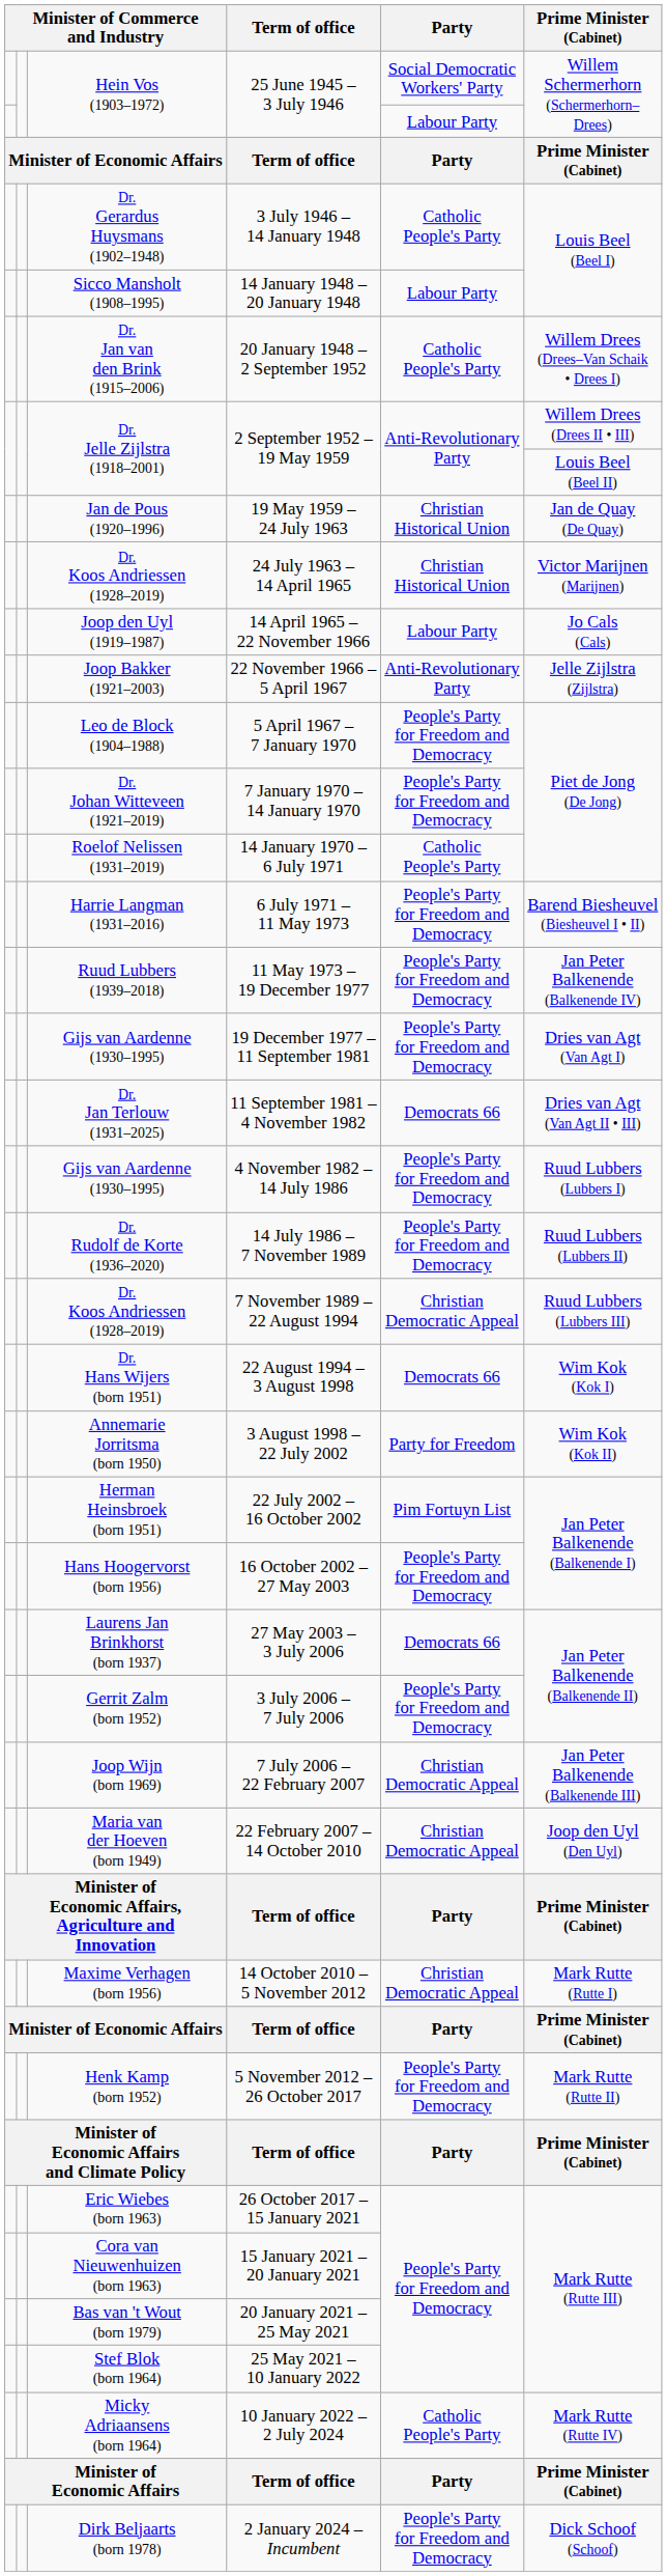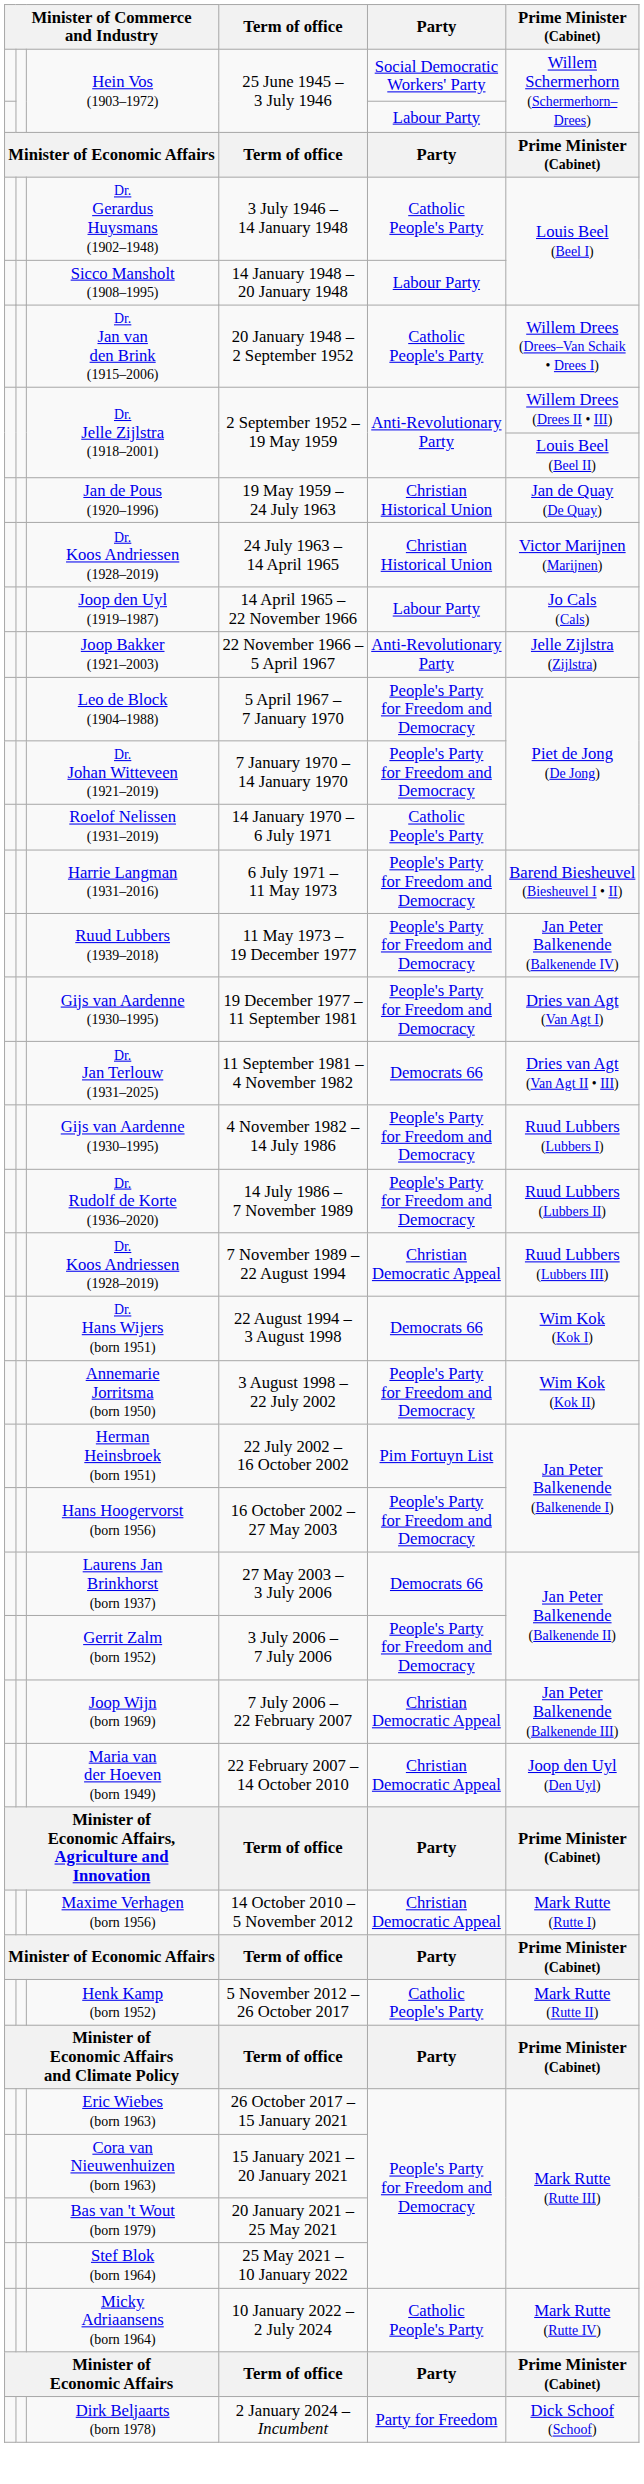 <table class="wikitable" style="text-align:center">
 <tr>
 <th colspan=3>Minister of Commerce <br> and Industry</th>
 <th>Term of office</th>
 <th>Party</th>
 <th>Prime Minister <br> <small>(Cabinet)</small></th>
 </tr>
 <tr>
 <td style="background:"></td>
 <td rowspan=2></td>
 <td rowspan=2><a href='#'>Hein Vos</a> <br> <small>(1903–1972)</small></td>
 <td rowspan=2>25 June 1945 – <br> 3 July 1946</td>
 <td><a href='#'>Social Democratic <br> Workers' Party</a></td>
 <td rowspan=2><a href='#'>Willem <br> Schermerhorn</a> <br> <small>(<a href='#'>Schermerhorn–<br>Drees</a>)</small> </td>
 </tr>
 <tr>
 <td style="background:"></td>
 <td><a href='#'>Labour Party</a></td>
 </tr>
 <tr>
 <th colspan=3>Minister of Economic Affairs</th>
 <th>Term of office</th>
 <th>Party</th>
 <th>Prime Minister <br> <small>(Cabinet)</small></th>
 </tr>
 <tr>
 <td style="background:"></td>
 <td></td>
 <td><small><a href='#'>Dr.</a></small> <br> <a href='#'>Gerardus <br> Huysmans</a> <br> <small>(1902–1948)</small></td>
 <td>3 July 1946 – <br> 14 January 1948 <br> </td>
 <td><a href='#'>Catholic <br> People's Party</a></td>
 <td rowspan=3><a href='#'>Louis Beel</a> <br> <small>(<a href='#'>Beel I</a>)</small> <br></td>
 </tr>
 <tr>
 <td style="background:"></td>
 <td></td>
 <td><a href='#'>Sicco Mansholt</a> <br> <small>(1908–1995)</small></td>
 <td>14 January 1948 – <br> 20 January 1948 <br>  </td>
 <td><a href='#'>Labour Party</a></td>
 </tr>
 <tr>
 <td rowspan=2 style="background:"></td>
 <td rowspan=2></td>
 <td rowspan=2><small><a href='#'>Dr.</a></small> <br> <a href='#'>Jan van <br> den Brink</a> <br> <small>(1915–2006)</small></td>
 <td rowspan=2>20 January 1948 – <br> 2 September 1952</td>
 <td rowspan=2><a href='#'>Catholic <br> People's Party</a></td>
 </tr>
 <tr>
 <td><a href='#'>Willem Drees</a> <br> <small>(<a href='#'>Drees–Van Schaik</a> <br> • <a href='#'>Drees I</a>)</small> <br></td>
 </tr>
 <tr>
 <td rowspan=2 style="background:"></td>
 <td rowspan=2></td>
 <td rowspan=2><small><a href='#'>Dr.</a></small> <br> <a href='#'>Jelle Zijlstra</a> <br> <small>(1918–2001)</small></td>
 <td rowspan=2>2 September 1952 – <br> 19 May 1959 <br> </td>
 <td rowspan=2><a href='#'>Anti-Revolutionary <br> Party</a></td>
 <td><a href='#'>Willem Drees</a> <br> <small>(<a href='#'>Drees II</a> • <a href='#'>III</a>)</small> <br></td>
 </tr>
 <tr>
 <td><a href='#'>Louis Beel</a> <br> <small>(<a href='#'>Beel II</a>)</small> <br></td>
 </tr>
 <tr>
 <td style="background:"></td>
 <td></td>
 <td><a href='#'>Jan de Pous</a> <br> <small>(1920–1996)</small></td>
 <td>19 May 1959 – <br> 24 July 1963</td>
 <td><a href='#'>Christian <br> Historical Union</a></td>
 <td><a href='#'>Jan de Quay</a> <br> <small>(<a href='#'>De Quay</a>)</small> <br></td>
 </tr>
 <tr>
 <td style="background:"></td>
 <td></td>
 <td><small><a href='#'>Dr.</a></small> <br> <a href='#'>Koos Andriessen</a> <br> <small>(1928–2019)</small></td>
 <td>24 July 1963 – <br> 14 April 1965</td>
 <td><a href='#'>Christian <br> Historical Union</a></td>
 <td><a href='#'>Victor Marijnen</a> <br> <small>(<a href='#'>Marijnen</a>)</small> <br></td>
 </tr>
 <tr>
 <td style="background:"></td>
 <td></td>
 <td><a href='#'>Joop den Uyl</a> <br> <small>(1919–1987)</small></td>
 <td>14 April 1965 – <br> 22 November 1966</td>
 <td><a href='#'>Labour Party</a></td>
 <td><a href='#'>Jo Cals</a> <br> <small>(<a href='#'>Cals</a>)</small> <br></td>
 </tr>
 <tr>
 <td style="background:"></td>
 <td></td>
 <td><a href='#'>Joop Bakker</a> <br> <small>(1921–2003)</small></td>
 <td>22 November 1966 – <br> 5 April 1967</td>
 <td><a href='#'>Anti-Revolutionary <br> Party</a></td>
 <td><a href='#'>Jelle Zijlstra</a> <br> <small>(<a href='#'>Zijlstra</a>)</small> <br></td>
 </tr>
 <tr>
 <td style="background:"></td>
 <td></td>
 <td><a href='#'>Leo de Block</a> <br> <small>(1904–1988)</small></td>
 <td>5 April 1967 – <br> 7 January 1970 <br> </td>
 <td><a href='#'>People's Party <br> for Freedom and <br> Democracy</a></td>
 <td rowspan=3><a href='#'>Piet de Jong</a> <br> <small>(<a href='#'>De Jong</a>)</small> <br></td>
 </tr>
 <tr>
 <td style="background:"></td>
 <td></td>
 <td><small><a href='#'>Dr.</a></small> <br> <a href='#'>Johan Witteveen</a> <br> <small>(1921–2019)</small> <br> <small></small></td>
 <td>7 January 1970 – <br> 14 January 1970 <br>  </td>
 <td><a href='#'>People's Party <br> for Freedom and <br> Democracy</a></td>
 </tr>
 <tr>
 <td style="background:"></td>
 <td></td>
 <td><a href='#'>Roelof Nelissen</a> <br> <small>(1931–2019)</small></td>
 <td>14 January 1970 – <br> 6 July 1971</td>
 <td><a href='#'>Catholic <br> People's Party</a></td>
 </tr>
 <tr>
 <td style="background:"></td>
 <td></td>
 <td><a href='#'>Harrie Langman</a> <br> <small>(1931–2016)</small></td>
 <td>6 July 1971 – <br> 11 May 1973</td>
 <td><a href='#'>People's Party <br> for Freedom and <br> Democracy</a></td>
 <td><a href='#'>Barend Biesheuvel</a> <br> <small>(<a href='#'>Biesheuvel I</a> • <a href='#'>II</a>)</small> <br></td>
 </tr>
 <tr>
 <td style="background:"></td>
 <td></td>
 <td><a href='#'>Ruud Lubbers</a> <br> <small>(1939–2018)</small></td>
 <td>11 May 1973 – <br> 19 December 1977</td>
 <td><a href='#'>People's Party <br> for Freedom and <br> Democracy</a></td>
 <td><a href='#'>Jan Peter <br> Balkenende</a> <br> <small>(<a href='#'>Balkenende IV</a>)</small> <br></td>
 </tr>
 <tr>
 <td style="background:"></td>
 <td></td>
 <td><a href='#'>Gijs van Aardenne</a> <br> <small>(1930–1995)</small></td>
 <td>19 December 1977 – <br> 11 September 1981</td>
 <td><a href='#'>People's Party <br> for Freedom and <br> Democracy</a></td>
 <td><a href='#'>Dries van Agt</a> <br> <small>(<a href='#'>Van Agt I</a>)</small> <br></td>
 </tr>
 <tr>
 <td style="background:"></td>
 <td></td>
 <td><small><a href='#'>Dr.</a></small> <br> <a href='#'>Jan Terlouw</a> <br> <small>(1931–2025)</small> <br> <small></small></td>
 <td>11 September 1981 – <br> 4 November 1982</td>
 <td><a href='#'>Democrats 66</a></td>
 <td><a href='#'>Dries van Agt</a> <br> <small>(<a href='#'>Van Agt II</a> • <a href='#'>III</a>)</small> <br></td>
 </tr>
 <tr>
 <td style="background:"></td>
 <td></td>
 <td><a href='#'>Gijs van Aardenne</a> <br> <small>(1930–1995)</small> <br> <small></small></td>
 <td>4 November 1982 – <br> 14 July 1986</td>
 <td><a href='#'>People's Party <br> for Freedom and <br> Democracy</a></td>
 <td><a href='#'>Ruud Lubbers</a> <br> <small>(<a href='#'>Lubbers I</a>)</small> <br></td>
 </tr>
 <tr>
 <td style="background:"></td>
 <td></td>
 <td><small><a href='#'>Dr.</a></small> <br> <a href='#'>Rudolf de Korte</a> <br> <small>(1936–2020)</small> <br> <small></small></td>
 <td>14 July 1986 – <br> 7 November 1989</td>
 <td><a href='#'>People's Party <br> for Freedom and <br> Democracy</a></td>
 <td><a href='#'>Ruud Lubbers</a> <br> <small>(<a href='#'>Lubbers II</a>)</small> <br></td>
 </tr>
 <tr>
 <td style="background:"></td>
 <td></td>
 <td><small><a href='#'>Dr.</a></small> <br> <a href='#'>Koos Andriessen</a> <br> <small>(1928–2019)</small></td>
 <td>7 November 1989 – <br> 22 August 1994</td>
 <td><a href='#'>Christian <br> Democratic Appeal</a></td>
 <td><a href='#'>Ruud Lubbers</a> <br> <small>(<a href='#'>Lubbers III</a>)</small> <br></td>
 </tr>
 <tr>
 <td style="background:"></td>
 <td></td>
 <td><small><a href='#'>Dr.</a></small> <br> <a href='#'>Hans Wijers</a> <br> <small>(born 1951)</small></td>
 <td>22 August 1994 – <br> 3 August 1998</td>
 <td><a href='#'>Democrats 66</a></td>
 <td><a href='#'>Wim Kok</a> <br> <small>(<a href='#'>Kok I</a>)</small> <br></td>
 </tr>
 <tr>
 <td style="background:"></td>
 <td></td>
 <td><a href='#'>Annemarie <br> Jorritsma</a> <br> <small>(born 1950)</small> <br> <small></small></td>
 <td>3 August 1998 – <br> 22 July 2002</td>
-<td><a href='#'>Party for Freedom</a></td>
+<td><a href='#'>People's Party <br> for Freedom and <br> Democracy</a></td>
 <td><a href='#'>Wim Kok</a> <br> <small>(<a href='#'>Kok II</a>)</small> <br></td>
 </tr>
 <tr>
 <td style="background:"></td>
 <td></td>
 <td><a href='#'>Herman <br> Heinsbroek</a> <br> <small>(born 1951)</small></td>
 <td>22 July 2002 – <br> 16 October 2002 <br> </td>
 <td><a href='#'>Pim Fortuyn List</a></td>
 <td rowspan=2><a href='#'>Jan Peter <br> Balkenende</a> <br> <small>(<a href='#'>Balkenende I</a>)</small> <br></td>
 </tr>
 <tr>
 <td style="background:"></td>
 <td></td>
 <td><a href='#'>Hans Hoogervorst</a> <br> <small>(born 1956)</small></td>
 <td>16 October 2002 – <br> 27 May 2003 <br>  </td>
 <td><a href='#'>People's Party <br> for Freedom and <br> Democracy</a></td>
 </tr>
 <tr>
 <td style="background:"></td>
 <td></td>
 <td><a href='#'>Laurens Jan <br> Brinkhorst</a> <br> <small>(born 1937)</small> <br> <small></small></td>
 <td>27 May 2003 – <br> 3 July 2006 <br> </td>
 <td><a href='#'>Democrats 66</a></td>
 <td rowspan=2><a href='#'>Jan Peter <br> Balkenende</a> <br> <small>(<a href='#'>Balkenende II</a>)</small> <br></td>
 </tr>
 <tr>
 <td style="background:"></td>
 <td></td>
 <td><a href='#'>Gerrit Zalm</a> <br> <small>(born 1952)</small> <br> <small></small></td>
 <td>3 July 2006 – <br> 7 July 2006 <br>  </td>
 <td><a href='#'>People's Party <br> for Freedom and <br> Democracy</a></td>
 </tr>
 <tr>
 <td style="background:"></td>
 <td></td>
 <td><a href='#'>Joop Wijn</a> <br> <small>(born 1969)</small></td>
 <td>7 July 2006 – <br> 22 February 2007</td>
 <td><a href='#'>Christian <br> Democratic Appeal</a></td>
 <td><a href='#'>Jan Peter <br> Balkenende</a> <br> <small>(<a href='#'>Balkenende III</a>)</small> <br></td>
 </tr>
 <tr>
 <td style="background:"></td>
 <td></td>
 <td><a href='#'>Maria van <br> der Hoeven</a> <br> <small>(born 1949)</small></td>
 <td>22 February 2007 – <br> 14 October 2010</td>
 <td><a href='#'>Christian <br> Democratic Appeal</a></td>
 <td><a href='#'>Joop den Uyl</a> <br> <small>(<a href='#'>Den Uyl</a>)</small> <br></td>
 </tr>
 <tr>
 <th colspan=3>Minister of <br> Economic Affairs, <br> <a href='#'>Agriculture and <br> Innovation</a></th>
 <th>Term of office</th>
 <th>Party</th>
 <th>Prime Minister <br> <small>(Cabinet)</small></th>
 </tr>
 <tr>
 <td style="background:"></td>
 <td></td>
 <td><a href='#'>Maxime Verhagen</a> <br> <small>(born 1956)</small> <br> <small></small></td>
 <td>14 October 2010 – <br> 5 November 2012</td>
 <td><a href='#'>Christian <br> Democratic Appeal</a></td>
 <td><a href='#'>Mark Rutte</a> <br> <small>(<a href='#'>Rutte I</a>)</small> <br></td>
 </tr>
 <tr>
 <th colspan=3>Minister of Economic Affairs</th>
 <th>Term of office</th>
 <th>Party</th>
 <th>Prime Minister <br> <small>(Cabinet)</small></th>
 </tr>
 <tr>
 <td style="background:"></td>
 <td></td>
 <td><a href='#'>Henk Kamp</a> <br> <small>(born 1952)</small></td>
 <td>5 November 2012 – <br> 26 October 2017</td>
-<td><a href='#'>People's Party <br> for Freedom and <br> Democracy</a></td>
+<td><a href='#'>Catholic <br> People's Party</a></td>
 <td><a href='#'>Mark Rutte</a> <br> <small>(<a href='#'>Rutte II</a>)</small> <br></td>
 </tr>
 <tr>
 <th colspan=3>Minister of <br> Economic Affairs <br> and Climate Policy</th>
 <th>Term of office</th>
 <th>Party</th>
 <th>Prime Minister <br> <small>(Cabinet)</small></th>
 </tr>
 <tr>
 <td style="background:"></td>
 <td></td>
 <td><a href='#'>Eric Wiebes</a> <br> <small>(born 1963)</small></td>
 <td>26 October 2017 – <br> 15 January 2021 <br> </td>
 <td rowspan=4><a href='#'>People's Party <br> for Freedom and <br> Democracy</a></td>
 <td rowspan=4><a href='#'>Mark Rutte</a> <br> <small>(<a href='#'>Rutte III</a>)</small> <br></td>
 </tr>
 <tr>
 <td style="background:"></td>
 <td></td>
 <td><a href='#'>Cora van <br> Nieuwenhuizen</a> <br> <small>(born 1963)</small></td>
 <td>15 January 2021 – <br> 20 January 2021 <br>  </td>
 </tr>
 <tr>
 <td style="background:"></td>
 <td></td>
 <td><a href='#'>Bas van 't Wout</a> <br> <small>(born 1979)</small></td>
 <td>20 January 2021 – <br> 25 May 2021 <br>  </td>
 </tr>
 <tr>
 <td style="background:"></td>
 <td></td>
 <td><a href='#'>Stef Blok</a> <br> <small>(born 1964)</small></td>
 <td>25 May 2021 – <br> 10 January 2022 <br> </td>
 </tr>
 <tr>
 <td style="background:"></td>
 <td></td>
 <td><a href='#'>Micky <br> Adriaansens</a> <br> <small>(born 1964)</small></td>
 <td>10 January 2022 – <br> 2 July 2024</td>
 <td><a href='#'>Catholic <br> People's Party</a></td>
 <td><a href='#'>Mark Rutte</a> <br> <small>(<a href='#'>Rutte IV</a>)</small> <br></td>
 </tr>
 <tr>
 <th colspan=3>Minister of <br> Economic Affairs</th>
 <th>Term of office</th>
 <th>Party</th>
 <th>Prime Minister <br> <small>(Cabinet)</small></th>
 </tr>
 <tr>
 <td style="background:"></td>
 <td></td>
 <td><a href='#'>Dirk Beljaarts</a> <br> <small>(born 1978)</small></td>
 <td>2 January 2024 – <br> <em>Incumbent</em></td>
-<td><a href='#'>People's Party <br> for Freedom and <br> Democracy</a></td>
+<td><a href='#'>Party for Freedom</a></td>
 <td><a href='#'>Dick Schoof</a> <br> <small>(<a href='#'>Schoof</a>)</small> <br></td>
 </tr>
 </table>
